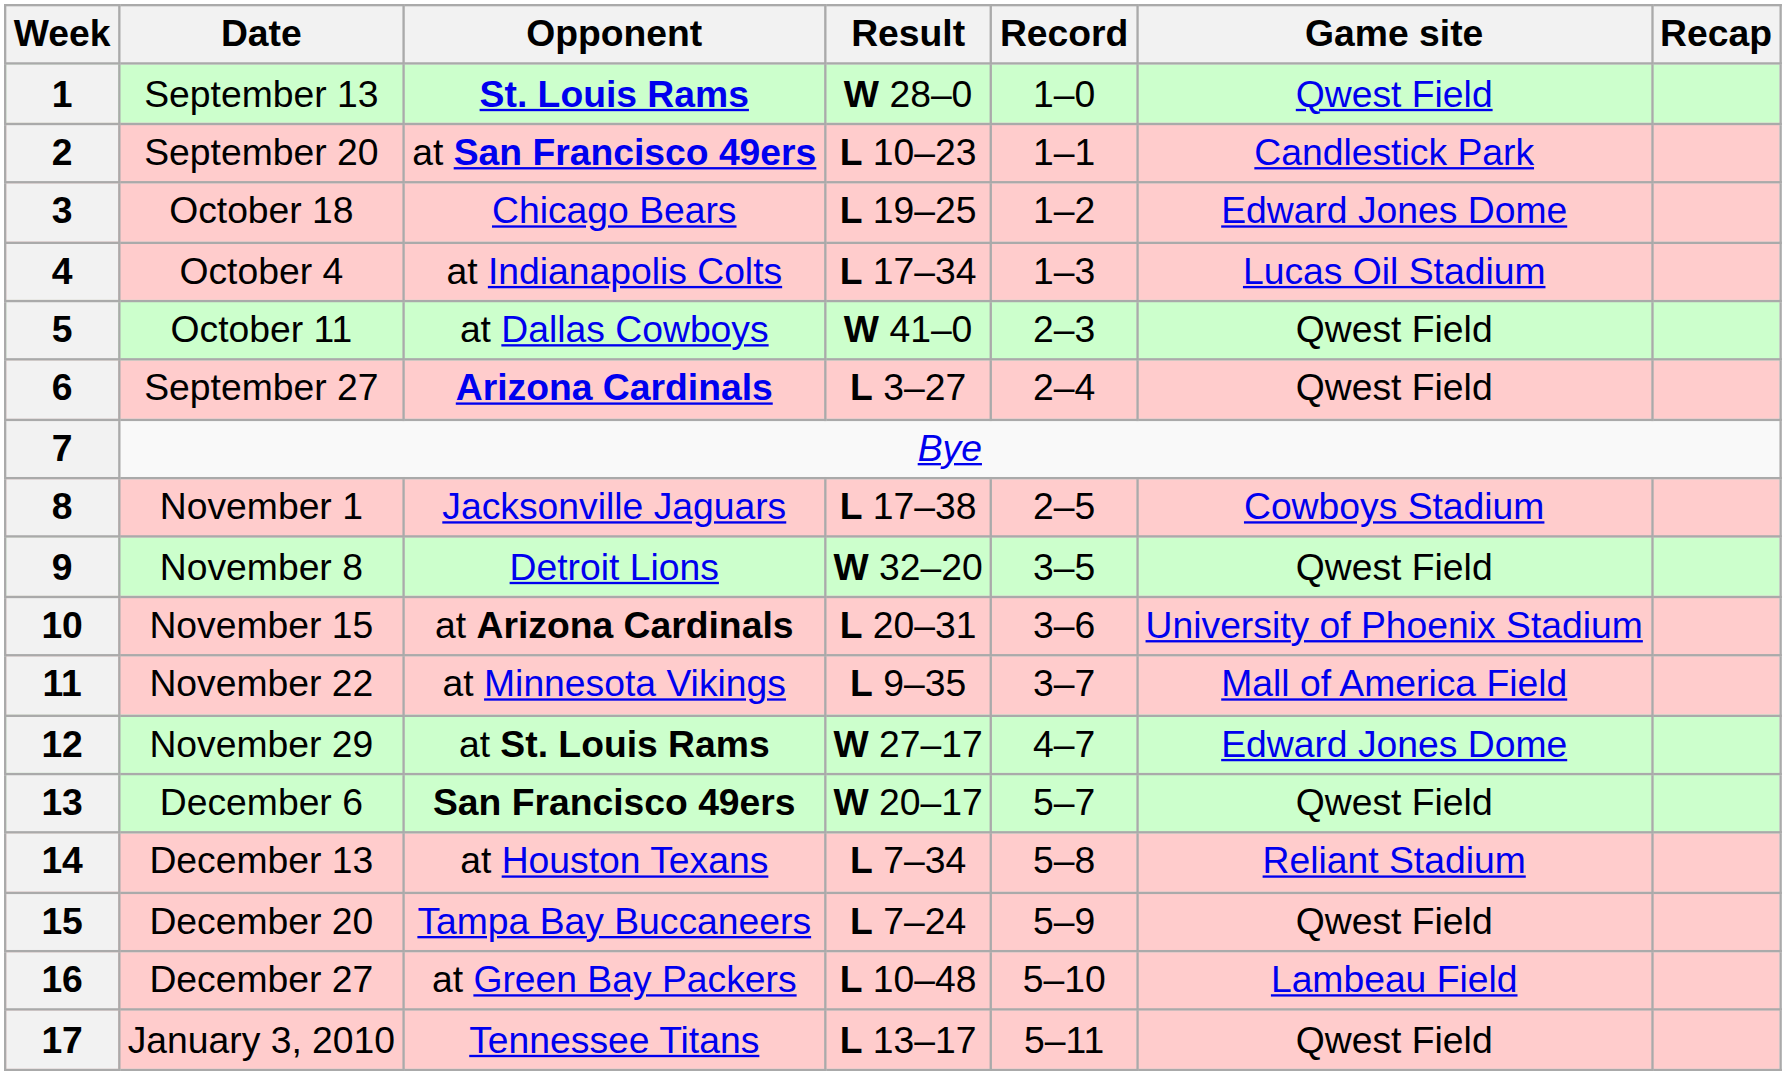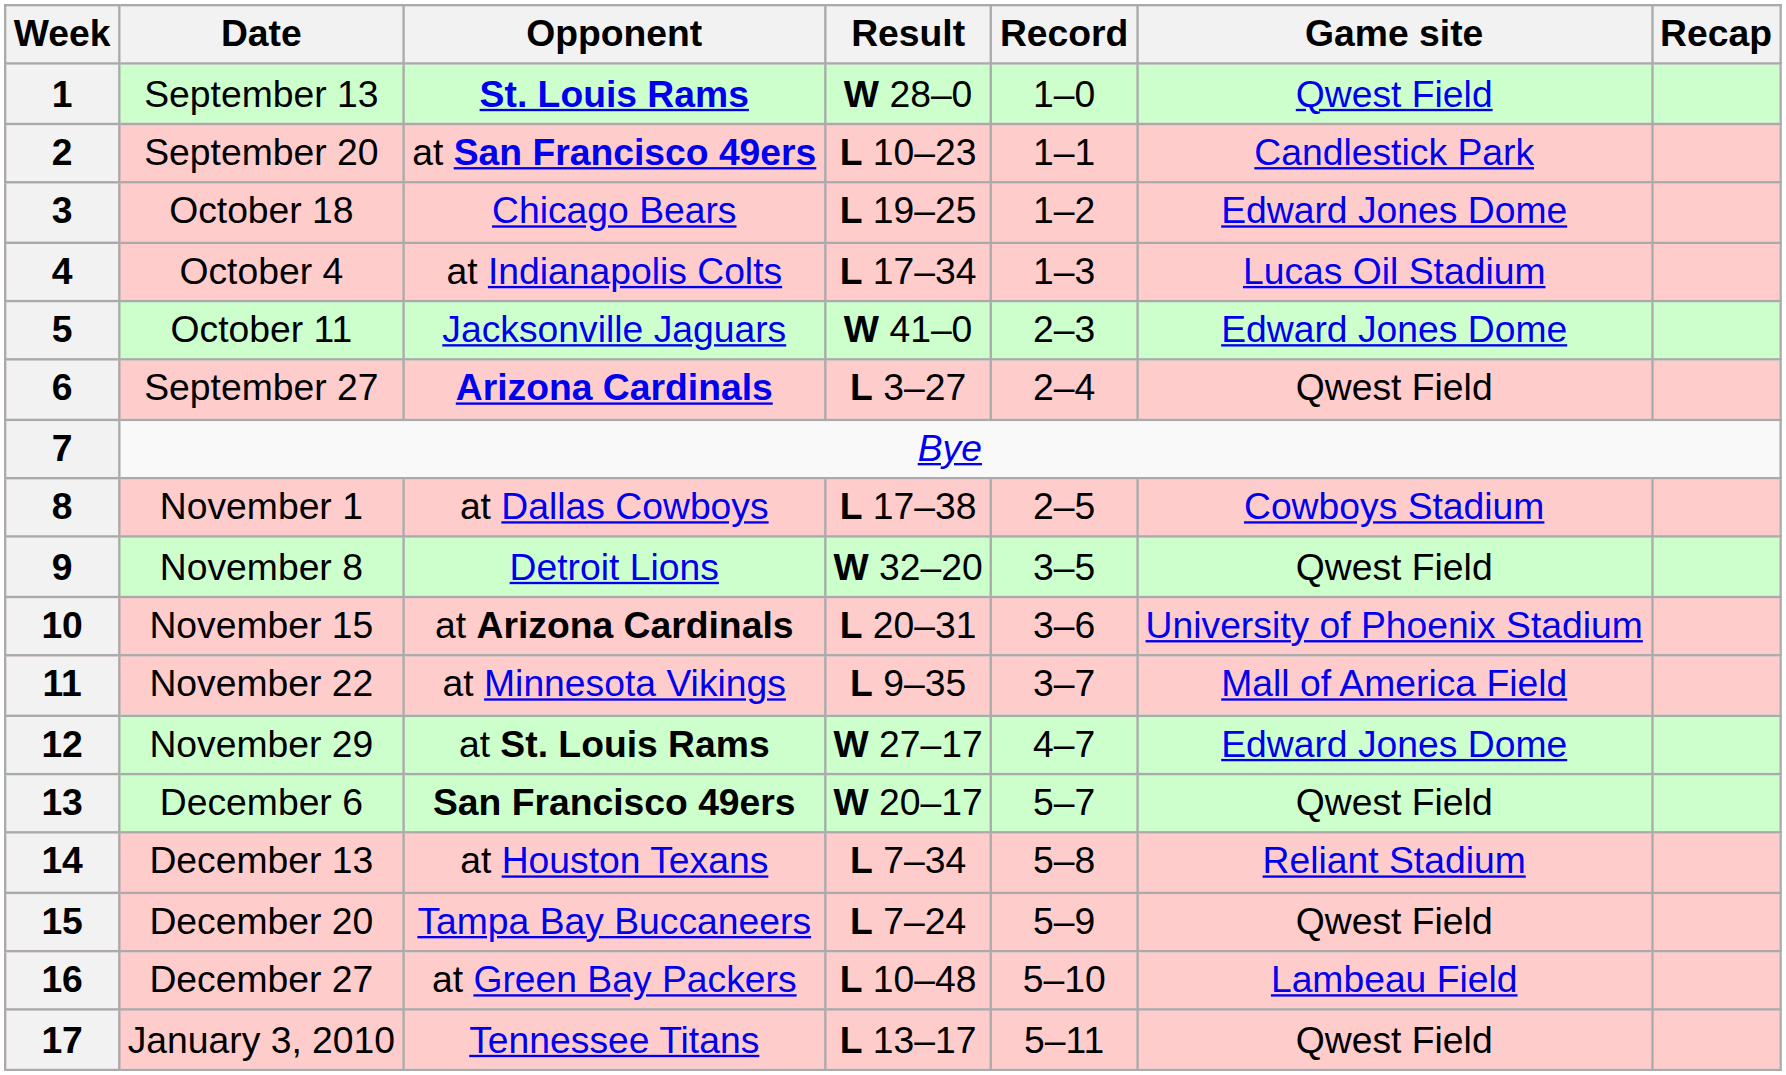 <table class="wikitable" style="text-align:center">
 <tr>
 <th>Week</th>
 <th>Date</th>
 <th>Opponent</th>
 <th>Result</th>
 <th>Record</th>
 <th>Game site</th>
 <th>Recap</th>
 </tr>
 <tr style="background:#cfc">
 <th>1</th>
 <td>September 13</td>
 <td><strong><a href='#'>St. Louis Rams</a></strong></td>
 <td><strong>W</strong> 28–0</td>
 <td>1–0</td>
 <td><a href='#'>Qwest Field</a></td>
 <td></td>
 </tr>
 <tr style="background:#fcc">
 <th>2</th>
 <td>September 20</td>
 <td>at <strong><a href='#'>San Francisco 49ers</a></strong></td>
 <td><strong>L</strong> 10–23</td>
 <td>1–1</td>
 <td><a href='#'>Candlestick Park</a></td>
 <td></td>
 </tr>
 <tr style="background:#fcc">
 <th>3</th>
 <td>October 18</td>
 <td><a href='#'>Chicago Bears</a></td>
 <td><strong>L</strong> 19–25</td>
 <td>1–2</td>
 <td><a href='#'>Edward Jones Dome</a></td>
 <td></td>
 </tr>
 <tr style="background:#fcc">
 <th>4</th>
 <td>October 4</td>
 <td>at <a href='#'>Indianapolis Colts</a></td>
 <td><strong>L</strong> 17–34</td>
 <td>1–3</td>
 <td><a href='#'>Lucas Oil Stadium</a></td>
 <td></td>
 </tr>
 <tr style="background:#cfc">
 <th>5</th>
 <td>October 11</td>
-<td>at <a href='#'>Dallas Cowboys</a></td>
+<td><a href='#'>Jacksonville Jaguars</a></td>
 <td><strong>W</strong> 41–0</td>
 <td>2–3</td>
-<td>Qwest Field</td>
+<td><a href='#'>Edward Jones Dome</a></td>
 <td></td>
 </tr>
 <tr style="background:#fcc">
 <th>6</th>
 <td>September 27</td>
 <td><strong><a href='#'>Arizona Cardinals</a></strong></td>
 <td><strong>L</strong> 3–27</td>
 <td>2–4</td>
 <td>Qwest Field</td>
 <td></td>
 </tr>
 <tr>
 <th>7</th>
 <td colspan="6"><em><a href='#'>Bye</a></em></td>
 </tr>
 <tr style="background:#fcc">
 <th>8</th>
 <td>November 1</td>
-<td><a href='#'>Jacksonville Jaguars</a></td>
+<td>at <a href='#'>Dallas Cowboys</a></td>
 <td><strong>L</strong> 17–38</td>
 <td>2–5</td>
 <td><a href='#'>Cowboys Stadium</a></td>
 <td></td>
 </tr>
 <tr style="background:#cfc">
 <th>9</th>
 <td>November 8</td>
 <td><a href='#'>Detroit Lions</a></td>
 <td><strong>W</strong> 32–20</td>
 <td>3–5</td>
 <td>Qwest Field</td>
 <td></td>
 </tr>
 <tr style="background:#fcc">
 <th>10</th>
 <td>November 15</td>
 <td>at <strong>Arizona Cardinals</strong></td>
 <td><strong>L</strong> 20–31</td>
 <td>3–6</td>
 <td><a href='#'>University of Phoenix Stadium</a></td>
 <td></td>
 </tr>
 <tr style="background:#fcc">
 <th>11</th>
 <td>November 22</td>
 <td>at <a href='#'>Minnesota Vikings</a></td>
 <td><strong>L</strong> 9–35</td>
 <td>3–7</td>
 <td><a href='#'>Mall of America Field</a></td>
 <td></td>
 </tr>
 <tr style="background:#cfc">
 <th>12</th>
 <td>November 29</td>
 <td>at <strong>St. Louis Rams</strong></td>
 <td><strong>W</strong> 27–17</td>
 <td>4–7</td>
 <td><a href='#'>Edward Jones Dome</a></td>
 <td></td>
 </tr>
 <tr style="background:#cfc">
 <th>13</th>
 <td>December 6</td>
 <td><strong>San Francisco 49ers</strong></td>
 <td><strong>W</strong> 20–17</td>
 <td>5–7</td>
 <td>Qwest Field</td>
 <td></td>
 </tr>
 <tr style="background:#fcc">
 <th>14</th>
 <td>December 13</td>
 <td>at <a href='#'>Houston Texans</a></td>
 <td><strong>L</strong> 7–34</td>
 <td>5–8</td>
 <td><a href='#'>Reliant Stadium</a></td>
 <td></td>
 </tr>
 <tr style="background:#fcc">
 <th>15</th>
 <td>December 20</td>
 <td><a href='#'>Tampa Bay Buccaneers</a></td>
 <td><strong>L</strong> 7–24</td>
 <td>5–9</td>
 <td>Qwest Field</td>
 <td></td>
 </tr>
 <tr style="background:#fcc">
 <th>16</th>
 <td>December 27</td>
 <td>at <a href='#'>Green Bay Packers</a></td>
 <td><strong>L</strong> 10–48</td>
 <td>5–10</td>
 <td><a href='#'>Lambeau Field</a></td>
 <td></td>
 </tr>
 <tr style="background:#fcc">
 <th>17</th>
 <td>January 3, 2010</td>
 <td><a href='#'>Tennessee Titans</a></td>
 <td><strong>L</strong> 13–17</td>
 <td>5–11</td>
 <td>Qwest Field</td>
 <td></td>
 </tr>
 </table>
